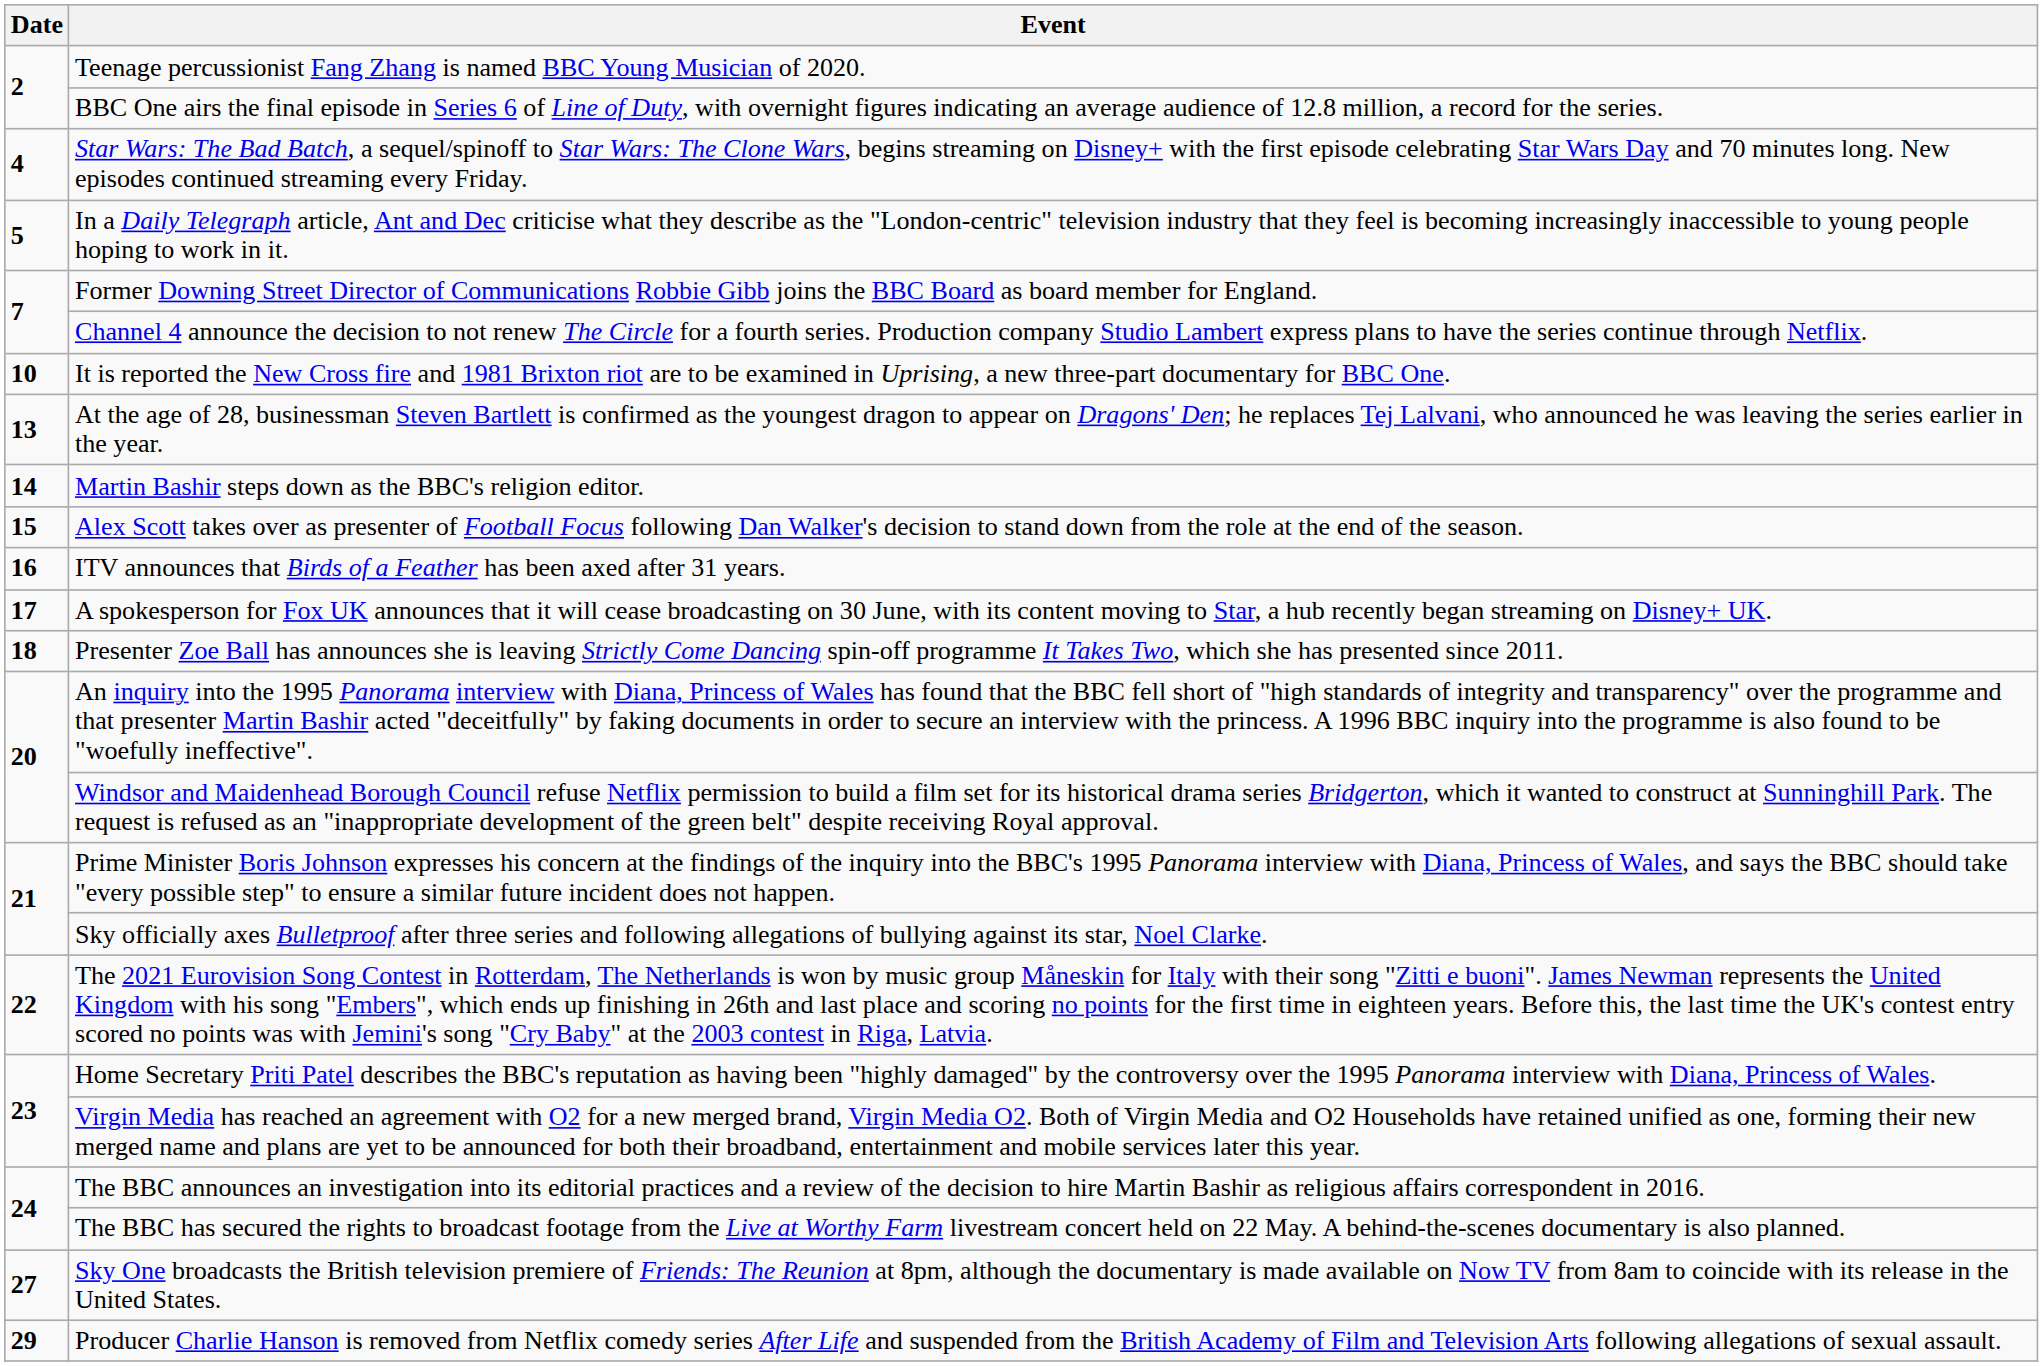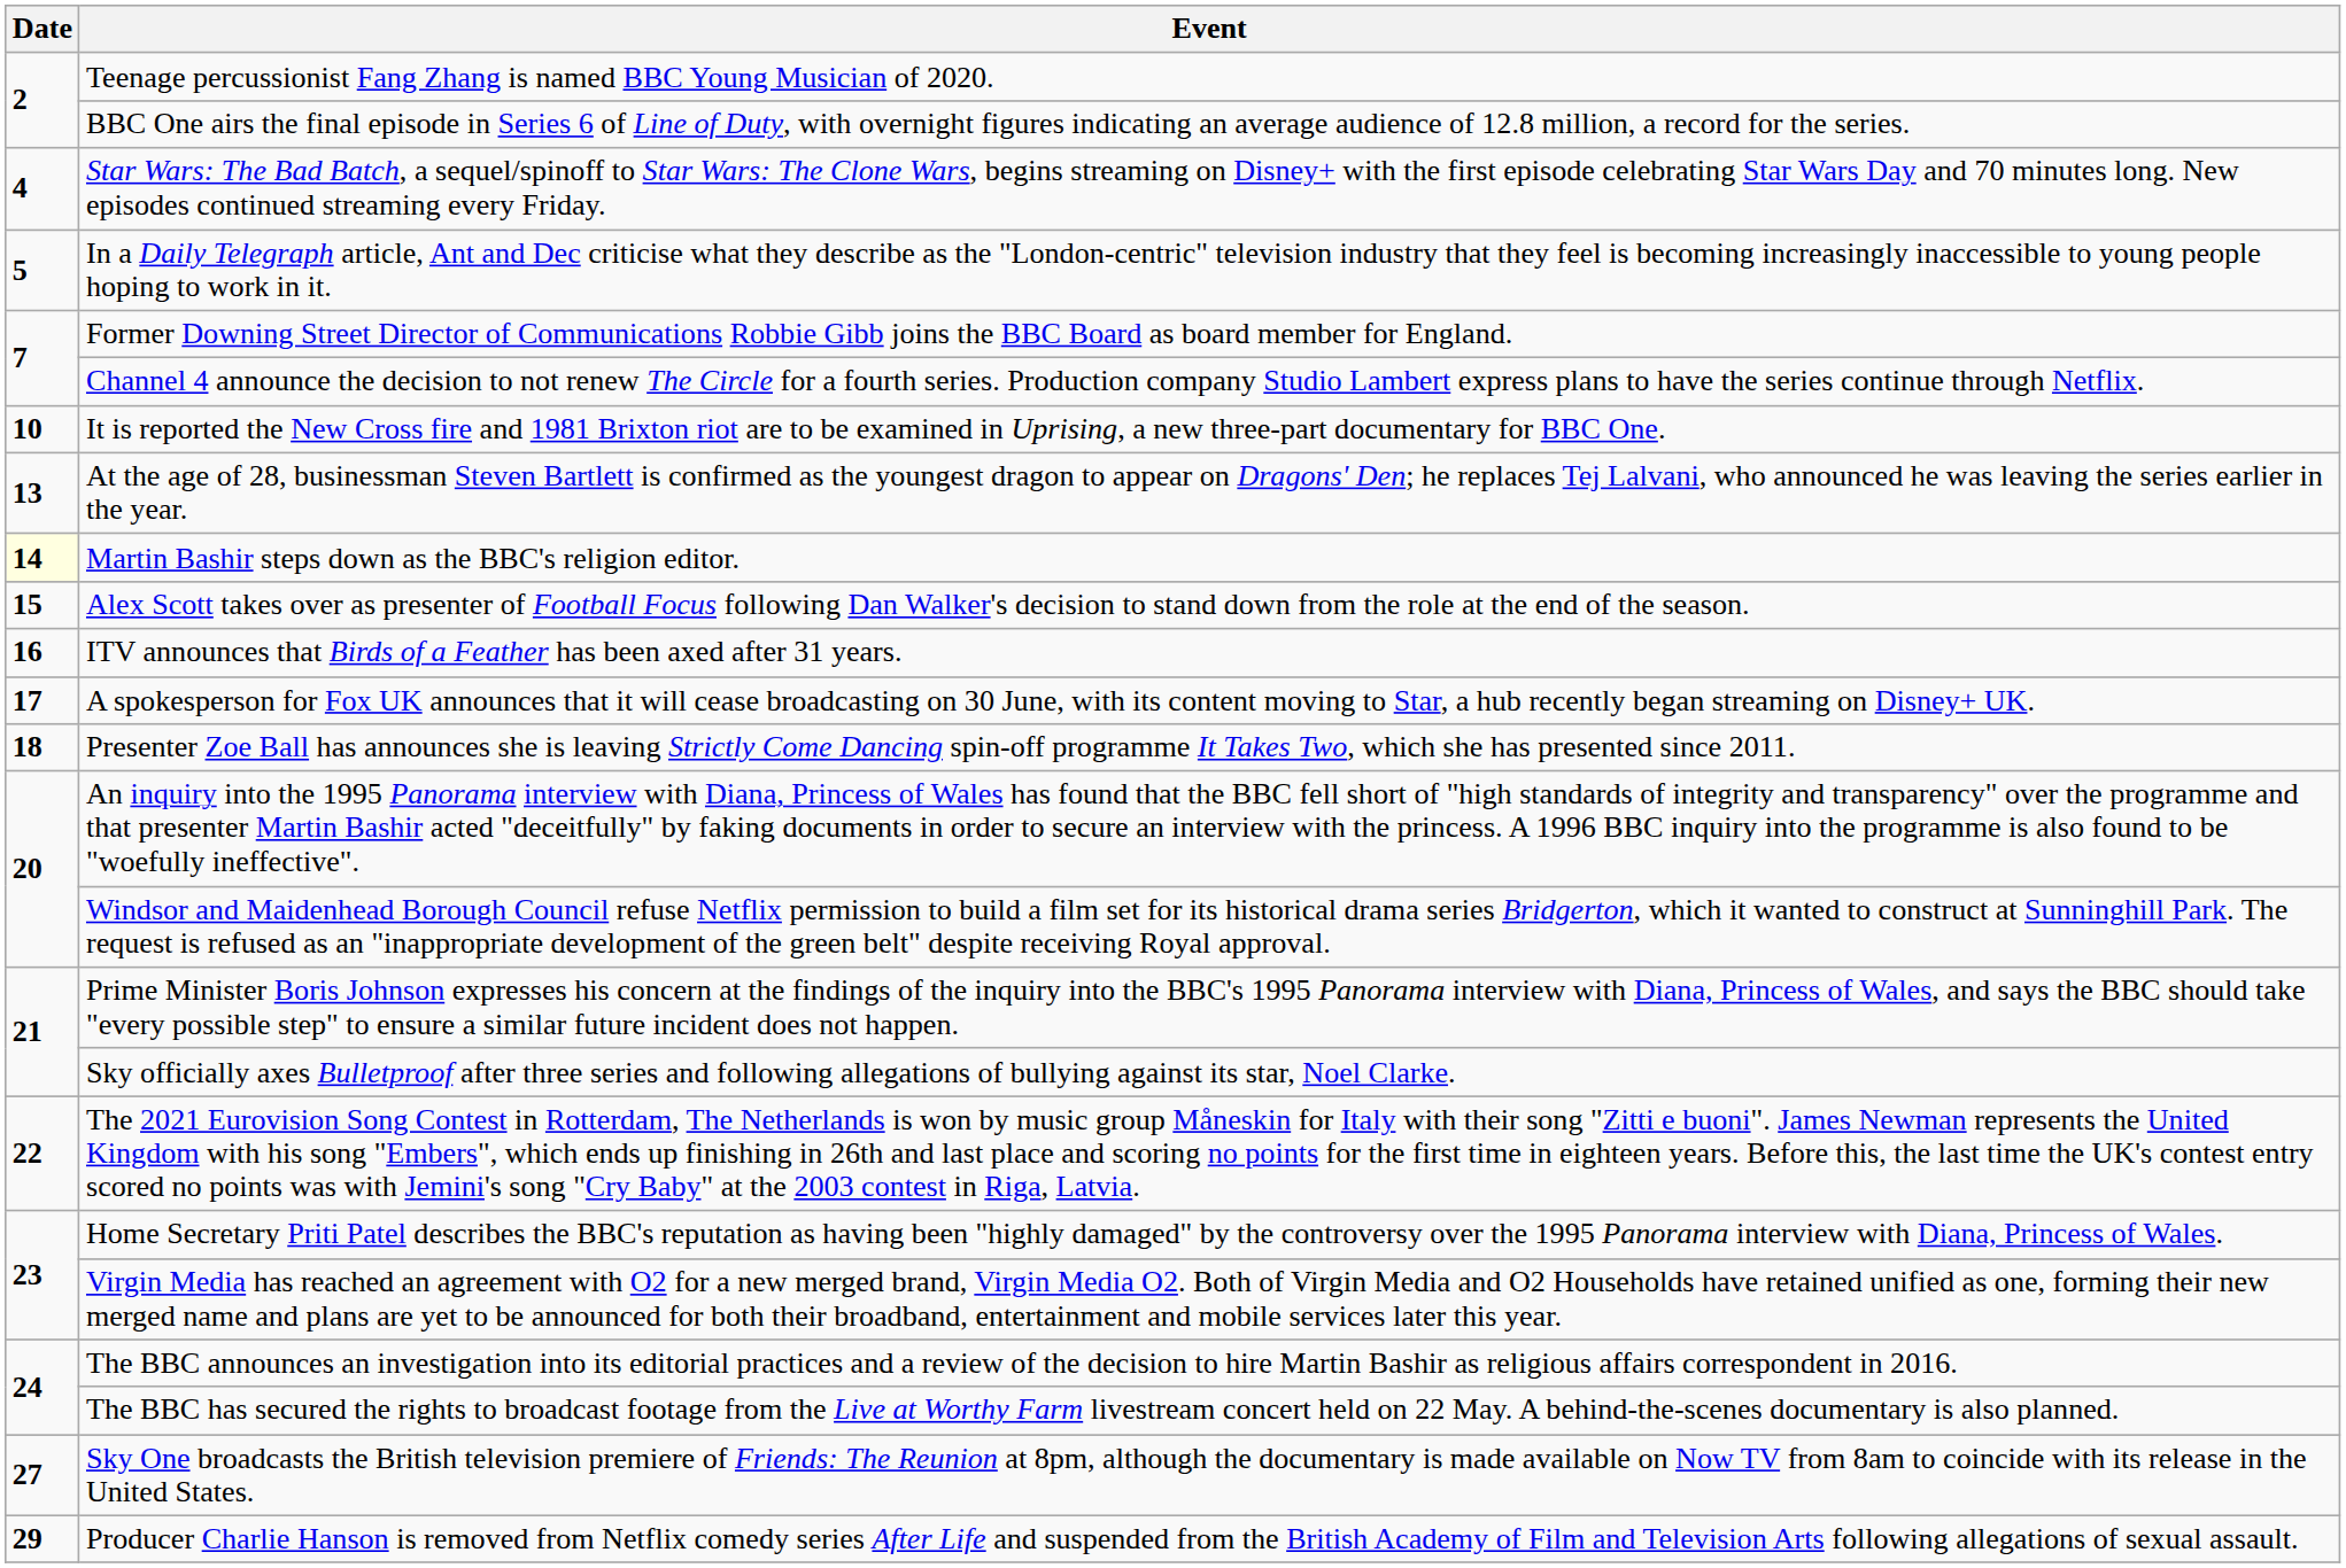 <table class="wikitable">
 <tr>
 <th>Date</th>
 <th>Event</th>
 </tr>
 <tr>
 <td rowspan=2><strong>2</strong></td>
 <td>Teenage percussionist <a href='#'>Fang Zhang</a> is named <a href='#'>BBC Young Musician</a> of 2020.</td>
 </tr>
 <tr>
 <td>BBC One airs the final episode in <a href='#'>Series 6</a> of <em><a href='#'>Line of Duty</a></em>, with overnight figures indicating an average audience of 12.8 million, a record for the series.</td>
 </tr>
 <tr>
 <td><strong>4</strong></td>
 <td><em><a href='#'>Star Wars: The Bad Batch</a></em>, a sequel/spinoff to <em><a href='#'>Star Wars: The Clone Wars</a></em>, begins streaming on <a href='#'>Disney+</a> with the first episode celebrating <a href='#'>Star Wars Day</a> and 70 minutes long. New episodes continued streaming every Friday.</td>
 </tr>
 <tr>
 <td><strong>5</strong></td>
 <td>In a <em><a href='#'>Daily Telegraph</a></em> article, <a href='#'>Ant and Dec</a> criticise what they describe as the "London-centric" television industry that they feel is becoming increasingly inaccessible to young people hoping to work in it.</td>
 </tr>
 <tr>
 <td rowspan="2"><strong>7</strong></td>
 <td>Former <a href='#'>Downing Street Director of Communications</a> <a href='#'>Robbie Gibb</a> joins the <a href='#'>BBC Board</a> as board member for England.</td>
 </tr>
 <tr>
 <td><a href='#'>Channel 4</a> announce the decision to not renew <em><a href='#'>The Circle</a></em> for a fourth series. Production company <a href='#'>Studio Lambert</a> express plans to have the series continue through <a href='#'>Netflix</a>.</td>
 </tr>
 <tr>
 <td><strong>10</strong></td>
 <td>It is reported the <a href='#'>New Cross fire</a> and <a href='#'>1981 Brixton riot</a> are to be examined in <em>Uprising</em>, a new three-part documentary for <a href='#'>BBC One</a>.</td>
 </tr>
 <tr>
 <td><strong>13</strong></td>
 <td>At the age of 28, businessman <a href='#'>Steven Bartlett</a> is confirmed as the youngest dragon to appear on <em><a href='#'>Dragons' Den</a></em>; he replaces <a href='#'>Tej Lalvani</a>, who announced he was leaving the series earlier in the year.</td>
 </tr>
 <tr>
-<td><strong>14</strong></td>
+<td style="background: lightyellow;"><strong>14</strong></td>
 <td><a href='#'>Martin Bashir</a> steps down as the BBC's religion editor.</td>
 </tr>
 <tr>
 <td><strong>15</strong></td>
 <td><a href='#'>Alex Scott</a> takes over as presenter of <em><a href='#'>Football Focus</a></em> following <a href='#'>Dan Walker</a>'s decision to stand down from the role at the end of the season.</td>
 </tr>
 <tr>
 <td><strong>16</strong></td>
 <td>ITV announces that <em><a href='#'>Birds of a Feather</a></em> has been axed after 31 years.</td>
 </tr>
 <tr>
 <td><strong>17</strong></td>
 <td>A spokesperson for <a href='#'>Fox UK</a> announces that it will cease broadcasting on 30 June, with its content moving to <a href='#'>Star</a>, a hub recently began streaming on <a href='#'>Disney+ UK</a>.</td>
 </tr>
 <tr>
 <td><strong>18</strong></td>
 <td>Presenter <a href='#'>Zoe Ball</a> has announces she is leaving <em><a href='#'>Strictly Come Dancing</a></em> spin-off programme <em><a href='#'>It Takes Two</a></em>, which she has presented since 2011.</td>
 </tr>
 <tr>
 <td rowspan=2><strong>20</strong></td>
 <td>An <a href='#'>inquiry</a> into the 1995 <em><a href='#'>Panorama</a></em> <a href='#'>interview</a> with <a href='#'>Diana, Princess of Wales</a> has found that the BBC fell short of "high standards of integrity and transparency" over the programme and that presenter <a href='#'>Martin Bashir</a> acted "deceitfully" by faking documents in order to secure an interview with the princess. A 1996 BBC inquiry into the programme is also found to be "woefully ineffective".</td>
 </tr>
 <tr>
 <td><a href='#'>Windsor and Maidenhead Borough Council</a> refuse <a href='#'>Netflix</a> permission to build a film set for its historical drama series <em><a href='#'>Bridgerton</a></em>, which it wanted to construct at <a href='#'>Sunninghill Park</a>. The request is refused as an "inappropriate development of the green belt" despite receiving Royal approval.</td>
 </tr>
 <tr>
 <td rowspan=2><strong>21</strong></td>
 <td>Prime Minister <a href='#'>Boris Johnson</a> expresses his concern at the findings of the inquiry into the BBC's 1995 <em>Panorama</em> interview with <a href='#'>Diana, Princess of Wales</a>, and says the BBC should take "every possible step" to ensure a similar future incident does not happen.</td>
 </tr>
 <tr>
 <td>Sky officially axes <em><a href='#'>Bulletproof</a></em> after three series and following allegations of bullying against its star, <a href='#'>Noel Clarke</a>.</td>
 </tr>
 <tr>
 <td><strong>22</strong></td>
 <td>The <a href='#'>2021 Eurovision Song Contest</a> in <a href='#'>Rotterdam</a>, <a href='#'>The Netherlands</a> is won by music group <a href='#'>Måneskin</a> for <a href='#'>Italy</a> with their song "<a href='#'>Zitti e buoni</a>". <a href='#'>James Newman</a> represents the <a href='#'>United Kingdom</a> with his song "<a href='#'>Embers</a>", which ends up finishing in 26th and last place and scoring <a href='#'>no points</a> for the first time in eighteen years. Before this, the last time the UK's contest entry scored no points was with <a href='#'>Jemini</a>'s song "<a href='#'>Cry Baby</a>" at the <a href='#'>2003 contest</a> in <a href='#'>Riga</a>, <a href='#'>Latvia</a>.</td>
 </tr>
 <tr>
 <td rowspan=2><strong>23</strong></td>
 <td>Home Secretary <a href='#'>Priti Patel</a> describes the BBC's reputation as having been "highly damaged" by the controversy over the 1995 <em>Panorama</em> interview with <a href='#'>Diana, Princess of Wales</a>.</td>
 </tr>
 <tr>
 <td><a href='#'>Virgin Media</a> has reached an agreement with <a href='#'>O2</a> for a new merged brand, <a href='#'>Virgin Media O2</a>. Both of Virgin Media and O2 Households have retained unified as one, forming their new merged name and plans are yet to be announced for both their broadband, entertainment and mobile services later this year.</td>
 </tr>
 <tr>
 <td rowspan=2><strong>24</strong></td>
 <td>The BBC announces an investigation into its editorial practices and a review of the decision to hire Martin Bashir as religious affairs correspondent in 2016.</td>
 </tr>
 <tr>
 <td>The BBC has secured the rights to broadcast footage from the <em><a href='#'>Live at Worthy Farm</a></em> livestream concert held on 22 May. A behind-the-scenes documentary is also planned.</td>
 </tr>
 <tr>
 <td><strong>27</strong></td>
 <td><a href='#'>Sky One</a> broadcasts the British television premiere of <em><a href='#'>Friends: The Reunion</a></em> at 8pm, although the documentary is made available on <a href='#'>Now TV</a> from 8am to coincide with its release in the United States.</td>
 </tr>
 <tr>
 <td><strong>29</strong></td>
 <td>Producer <a href='#'>Charlie Hanson</a> is removed from Netflix comedy series <em><a href='#'>After Life</a></em> and suspended from the <a href='#'>British Academy of Film and Television Arts</a> following allegations of sexual assault.</td>
 </tr>
 </table>
